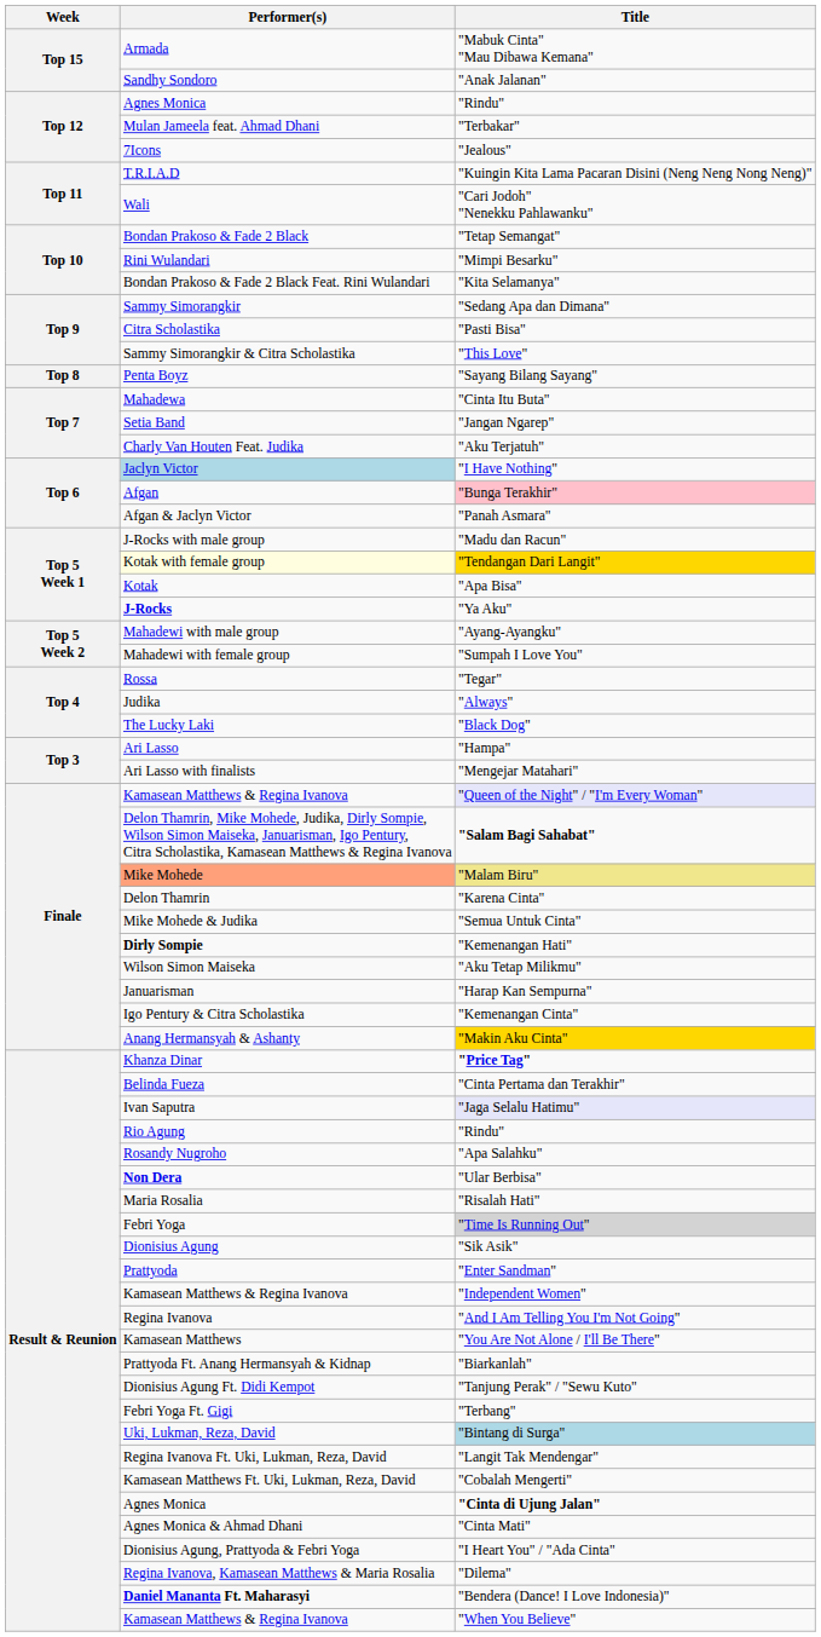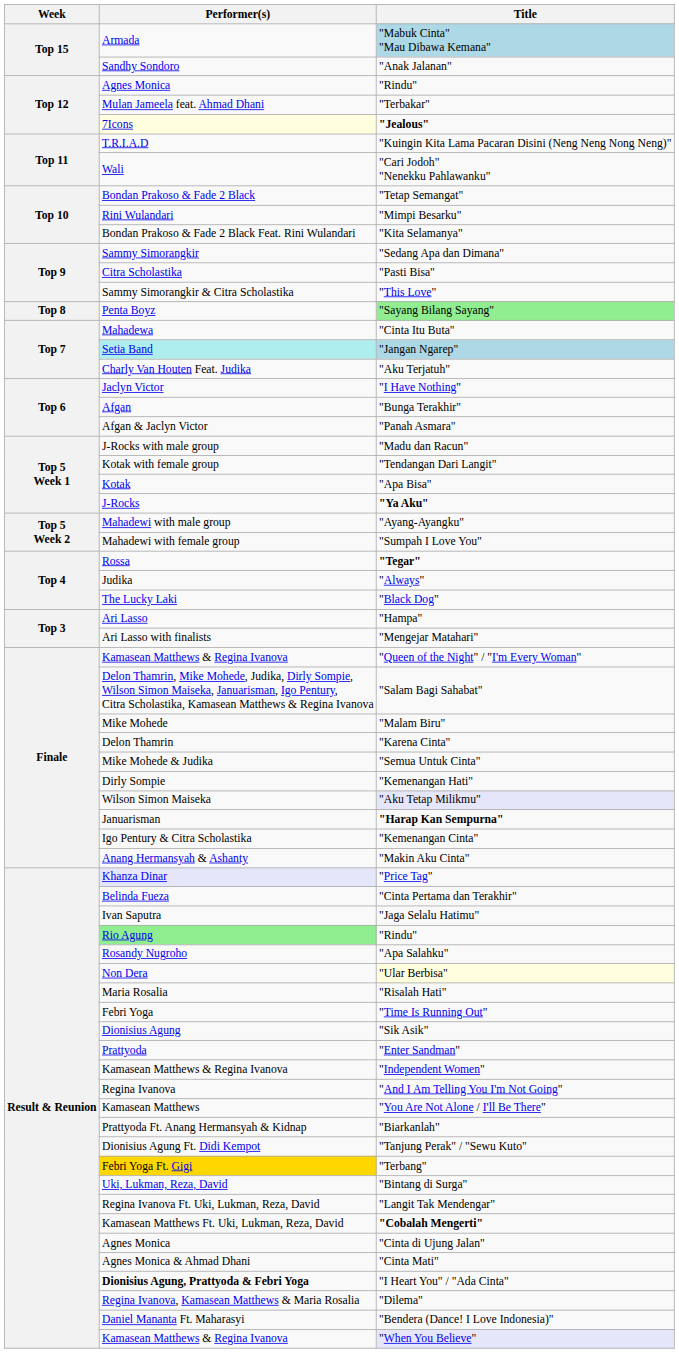 <table class="wikitable" style="font-size:90%;">
 <tr>
 <th scope="col">Week</th>
 <th>Performer(s)</th>
 <th>Title</th>
 </tr>
 <tr>
 <th scope="row" rowspan=2>Top 15</th>
 <td><a href='#'>Armada</a></td>
-<td>"Mabuk Cinta"<br>"Mau Dibawa Kemana"</td>
+<td style="background: lightblue;">"Mabuk Cinta"<br>"Mau Dibawa Kemana"</td>
 </tr>
 <tr>
 <td><a href='#'>Sandhy Sondoro</a></td>
 <td>"Anak Jalanan"</td>
 </tr>
 <tr>
 <th scope="row" rowspan=3>Top 12</th>
 <td><a href='#'>Agnes Monica</a></td>
 <td>"Rindu"</td>
 </tr>
 <tr>
 <td><a href='#'>Mulan Jameela</a> feat. <a href='#'>Ahmad Dhani</a></td>
 <td>"Terbakar"</td>
 </tr>
 <tr>
-<td><a href='#'>7Icons</a></td>
-<td>"Jealous"</td>
+<td style="background: lightyellow;"><a href='#'>7Icons</a></td>
+<td><strong>"Jealous"</strong></td>
 </tr>
 <tr>
 <th scope="row" rowspan=2>Top 11</th>
 <td><a href='#'>T.R.I.A.D</a></td>
 <td>"Kuingin Kita Lama Pacaran Disini (Neng Neng Nong Neng)"</td>
 </tr>
 <tr>
 <td><a href='#'>Wali</a></td>
 <td>"Cari Jodoh"<br>"Nenekku Pahlawanku"</td>
 </tr>
 <tr>
 <th scope="row" rowspan=3>Top 10</th>
 <td><a href='#'>Bondan Prakoso & Fade 2 Black</a></td>
 <td>"Tetap Semangat"</td>
 </tr>
 <tr>
 <td><a href='#'>Rini Wulandari</a></td>
 <td>"Mimpi Besarku"</td>
 </tr>
 <tr>
 <td>Bondan Prakoso & Fade 2 Black Feat. Rini Wulandari</td>
 <td>"Kita Selamanya"</td>
 </tr>
 <tr>
 <th scope="row" rowspan=3>Top 9</th>
 <td><a href='#'>Sammy Simorangkir</a></td>
 <td>"Sedang Apa dan Dimana"</td>
 </tr>
 <tr>
 <td><a href='#'>Citra Scholastika</a></td>
 <td>"Pasti Bisa"</td>
 </tr>
 <tr>
 <td>Sammy Simorangkir & Citra Scholastika</td>
 <td>"<a href='#'>This Love</a>"</td>
 </tr>
 <tr>
 <th scope="row">Top 8</th>
 <td><a href='#'>Penta Boyz</a></td>
-<td>"Sayang Bilang Sayang"</td>
+<td style="background: lightgreen;">"Sayang Bilang Sayang"</td>
 </tr>
 <tr>
 <th scope="row" rowspan=3>Top 7</th>
 <td><a href='#'>Mahadewa</a></td>
 <td>"Cinta Itu Buta"</td>
 </tr>
 <tr>
-<td><a href='#'>Setia Band</a></td>
-<td>"Jangan Ngarep"</td>
+<td style="background: paleturquoise;"><a href='#'>Setia Band</a></td>
+<td style="background: lightblue;">"Jangan Ngarep"</td>
 </tr>
 <tr>
 <td><a href='#'>Charly Van Houten</a> Feat. <a href='#'>Judika</a></td>
 <td>"Aku Terjatuh"</td>
 </tr>
 <tr>
 <th scope="row" rowspan=3>Top 6</th>
-<td style="background: lightblue;"><a href='#'>Jaclyn Victor</a></td>
+<td><a href='#'>Jaclyn Victor</a></td>
 <td>"<a href='#'>I Have Nothing</a>"</td>
 </tr>
 <tr>
 <td><a href='#'>Afgan</a></td>
-<td style="background: pink;">"Bunga Terakhir"</td>
+<td>"Bunga Terakhir"</td>
 </tr>
 <tr>
 <td>Afgan & Jaclyn Victor</td>
 <td>"Panah Asmara"</td>
 </tr>
 <tr>
 <th scope="row" rowspan=4>Top 5 <br>Week 1</th>
 <td>J-Rocks with male group</td>
 <td>"Madu dan Racun"</td>
 </tr>
 <tr>
-<td style="background: lightyellow;">Kotak with female group</td>
-<td style="background: gold;">"Tendangan Dari Langit"</td>
+<td>Kotak with female group</td>
+<td>"Tendangan Dari Langit"</td>
 </tr>
 <tr>
 <td><a href='#'>Kotak</a></td>
 <td>"Apa Bisa"</td>
 </tr>
 <tr>
-<td><strong><a href='#'>J-Rocks</a></strong></td>
-<td>"Ya Aku"</td>
+<td><a href='#'>J-Rocks</a></td>
+<td><strong>"Ya Aku"</strong></td>
 </tr>
 <tr>
 <th scope="row" rowspan=2>Top 5 <br>Week 2</th>
 <td><a href='#'>Mahadewi</a> with male group</td>
 <td>"Ayang-Ayangku"</td>
 </tr>
 <tr>
 <td>Mahadewi with female group</td>
 <td>"Sumpah I Love You"</td>
 </tr>
 <tr>
 <th scope="row" rowspan=3>Top 4</th>
 <td><a href='#'>Rossa</a></td>
-<td>"Tegar"</td>
+<td><strong>"Tegar"</strong></td>
 </tr>
 <tr>
 <td>Judika</td>
 <td>"<a href='#'>Always</a>"</td>
 </tr>
 <tr>
 <td><a href='#'>The Lucky Laki</a></td>
 <td>"<a href='#'>Black Dog</a>"</td>
 </tr>
 <tr>
 <th scope="row" rowspan=2>Top 3</th>
 <td><a href='#'>Ari Lasso</a></td>
 <td>"Hampa"</td>
 </tr>
 <tr>
 <td>Ari Lasso with finalists</td>
 <td>"Mengejar Matahari"</td>
 </tr>
 <tr>
 <th scope="row" rowspan=10>Finale</th>
 <td><a href='#'>Kamasean Matthews</a> & <a href='#'>Regina Ivanova</a></td>
-<td style="background: lavender;">"<a href='#'>Queen of the Night</a>" / "<a href='#'>I'm Every Woman</a>"</td>
+<td>"<a href='#'>Queen of the Night</a>" / "<a href='#'>I'm Every Woman</a>"</td>
 </tr>
 <tr>
 <td><a href='#'>Delon Thamrin</a>, <a href='#'>Mike Mohede</a>, Judika, <a href='#'>Dirly Sompie</a>, <br>  <a href='#'>Wilson Simon Maiseka</a>, <a href='#'>Januarisman</a>, <a href='#'>Igo Pentury</a>, <br> Citra Scholastika, Kamasean Matthews & Regina Ivanova</td>
-<td><strong>"Salam Bagi Sahabat"</strong></td>
+<td>"Salam Bagi Sahabat"</td>
 </tr>
 <tr>
-<td style="background: lightsalmon;">Mike Mohede</td>
-<td style="background: khaki;">"Malam Biru"</td>
+<td>Mike Mohede</td>
+<td>"Malam Biru"</td>
 </tr>
 <tr>
 <td>Delon Thamrin</td>
 <td>"Karena Cinta"</td>
 </tr>
 <tr>
 <td>Mike Mohede & Judika</td>
 <td>"Semua Untuk Cinta"</td>
 </tr>
 <tr>
-<td><strong>Dirly Sompie</strong></td>
+<td>Dirly Sompie</td>
 <td>"Kemenangan Hati"</td>
 </tr>
 <tr>
 <td>Wilson Simon Maiseka</td>
-<td>"Aku Tetap Milikmu"</td>
+<td style="background: lavender;">"Aku Tetap Milikmu"</td>
 </tr>
 <tr>
 <td>Januarisman</td>
-<td>"Harap Kan Sempurna"</td>
+<td><strong>"Harap Kan Sempurna"</strong></td>
 </tr>
 <tr>
 <td>Igo Pentury & Citra Scholastika</td>
 <td>"Kemenangan Cinta"</td>
 </tr>
 <tr>
 <td><a href='#'>Anang Hermansyah</a> & <a href='#'>Ashanty</a></td>
-<td style="background: gold;">"Makin Aku Cinta"</td>
+<td>"Makin Aku Cinta"</td>
 </tr>
 <tr>
 <th scope="row" rowspan=25>Result & Reunion</th>
-<td><a href='#'>Khanza Dinar</a></td>
-<td><strong>"<a href='#'>Price Tag</a>"</strong></td>
+<td style="background: lavender;"><a href='#'>Khanza Dinar</a></td>
+<td>"<a href='#'>Price Tag</a>"</td>
 </tr>
 <tr>
 <td><a href='#'>Belinda Fueza</a></td>
 <td>"Cinta Pertama dan Terakhir"</td>
 </tr>
 <tr>
 <td>Ivan Saputra</td>
-<td style="background: lavender;">"Jaga Selalu Hatimu"</td>
+<td>"Jaga Selalu Hatimu"</td>
 </tr>
 <tr>
-<td><a href='#'>Rio Agung</a></td>
+<td style="background: lightgreen;"><a href='#'>Rio Agung</a></td>
 <td>"Rindu"</td>
 </tr>
 <tr>
 <td><a href='#'>Rosandy Nugroho</a></td>
 <td>"Apa Salahku"</td>
 </tr>
 <tr>
-<td><strong><a href='#'>Non Dera</a></strong></td>
-<td>"Ular Berbisa"</td>
+<td><a href='#'>Non Dera</a></td>
+<td style="background: lightyellow;">"Ular Berbisa"</td>
 </tr>
 <tr>
 <td>Maria Rosalia</td>
 <td>"Risalah Hati"</td>
 </tr>
 <tr>
 <td>Febri Yoga</td>
-<td style="background: lightgrey;">"<a href='#'>Time Is Running Out</a>"</td>
+<td>"<a href='#'>Time Is Running Out</a>"</td>
 </tr>
 <tr>
 <td><a href='#'>Dionisius Agung</a></td>
 <td>"Sik Asik"</td>
 </tr>
 <tr>
 <td><a href='#'>Prattyoda</a></td>
 <td>"<a href='#'>Enter Sandman</a>"</td>
 </tr>
 <tr>
 <td>Kamasean Matthews & Regina Ivanova</td>
 <td>"<a href='#'>Independent Women</a>"</td>
 </tr>
 <tr>
 <td>Regina Ivanova</td>
 <td>"<a href='#'>And I Am Telling You I'm Not Going</a>"</td>
 </tr>
 <tr>
 <td>Kamasean Matthews</td>
 <td>"<a href='#'>You Are Not Alone</a> / <a href='#'>I'll Be There</a>"</td>
 </tr>
 <tr>
 <td>Prattyoda Ft. Anang Hermansyah & Kidnap</td>
 <td>"Biarkanlah"</td>
 </tr>
 <tr>
 <td>Dionisius Agung Ft. <a href='#'>Didi Kempot</a></td>
 <td>"Tanjung Perak" / "Sewu Kuto"</td>
 </tr>
 <tr>
-<td>Febri Yoga Ft. <a href='#'>Gigi</a></td>
+<td style="background: gold;">Febri Yoga Ft. <a href='#'>Gigi</a></td>
 <td>"Terbang"</td>
 </tr>
 <tr>
 <td><a href='#'>Uki, Lukman, Reza, David</a></td>
-<td style="background: lightblue;">"Bintang di Surga"</td>
+<td>"Bintang di Surga"</td>
 </tr>
 <tr>
 <td>Regina Ivanova Ft. Uki, Lukman, Reza, David</td>
 <td>"Langit Tak Mendengar"</td>
 </tr>
 <tr>
 <td>Kamasean Matthews Ft. Uki, Lukman, Reza, David</td>
-<td>"Cobalah Mengerti"</td>
+<td><strong>"Cobalah Mengerti"</strong></td>
 </tr>
 <tr>
 <td>Agnes Monica</td>
-<td><strong>"Cinta di Ujung Jalan"</strong></td>
+<td>"Cinta di Ujung Jalan"</td>
 </tr>
 <tr>
 <td>Agnes Monica & Ahmad Dhani</td>
 <td>"Cinta Mati"</td>
 </tr>
 <tr>
-<td>Dionisius Agung, Prattyoda & Febri Yoga</td>
+<td><strong>Dionisius Agung, Prattyoda & Febri Yoga</strong></td>
 <td>"I Heart You" / "Ada Cinta"</td>
 </tr>
 <tr>
 <td><a href='#'>Regina Ivanova</a>, <a href='#'>Kamasean Matthews</a> & Maria Rosalia</td>
 <td>"Dilema"</td>
 </tr>
 <tr>
-<td><strong><a href='#'>Daniel Mananta</a> Ft. Maharasyi</strong></td>
+<td><a href='#'>Daniel Mananta</a> Ft. Maharasyi</td>
 <td>"Bendera (Dance! I Love Indonesia)"</td>
 </tr>
 <tr>
 <td><a href='#'>Kamasean Matthews</a> & <a href='#'>Regina Ivanova</a></td>
-<td>"<a href='#'>When You Believe</a>"</td>
+<td style="background: lavender;">"<a href='#'>When You Believe</a>"</td>
 </tr>
 </table>
